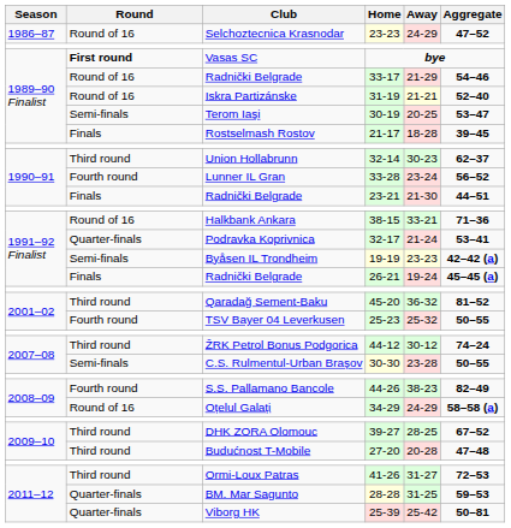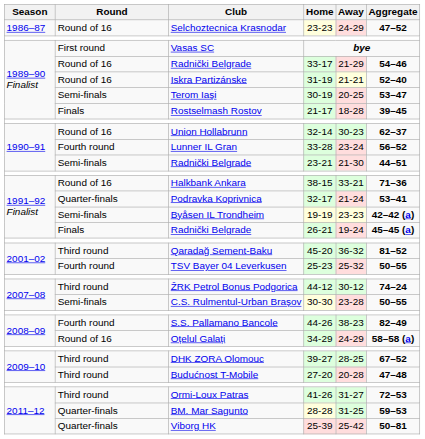 <table class="wikitable">
 <tr>
 <th width=75>Season</th>
 <th width=175>Round</th>
 <th>Club</th>
 <th>Home</th>
 <th>Away</th>
 <th>Aggregate</th>
 </tr>
 <tr>
 <td rowspan=1><a href='#'>1986–87</a></td>
 <td>Round of 16</td>
 <td> <a href='#'>Selchoztecnica Krasnodar</a></td>
 <td style="text-align:center; background:#ffd;">23-23</td>
 <td style="text-align:center; background:#fdd;">24-29</td>
 <td style="text-align:center;"><strong>47–52</strong></td>
 </tr>
 <tr>
 <td colspan=7 style="text-align: center;" bgcolor=white></td>
 </tr>
 <tr>
 <td rowspan=5><a href='#'>1989–90</a><br> <em>Finalist</em></td>
-<td><strong>First round</strong></td>
+<td>First round</td>
 <td> <a href='#'>Vasas SC</a></td>
 <td colspan=3; style="text-align:center;"><strong><em>bye</em></strong></td>
 </tr>
 <tr>
 <td>Round of 16</td>
 <td> <a href='#'>Radnički Belgrade</a></td>
 <td style="text-align:center; background:#dfd;">33-17</td>
 <td style="text-align:center; background:#fdd;">21-29</td>
 <td style="text-align:center;"><strong>54–46</strong></td>
 </tr>
 <tr>
 <td>Round of 16</td>
 <td> <a href='#'>Iskra Partizánske</a></td>
 <td style="text-align:center; background:#dfd;">31-19</td>
 <td style="text-align:center; background:#ffd;">21-21</td>
 <td style="text-align:center;"><strong>52–40</strong></td>
 </tr>
 <tr>
 <td>Semi-finals</td>
 <td> <a href='#'>Terom Iaşi</a></td>
 <td style="text-align:center; background:#dfd;">30-19</td>
 <td style="text-align:center; background:#fdd;">20-25</td>
 <td style="text-align:center;"><strong>53–47</strong></td>
 </tr>
 <tr>
 <td>Finals</td>
 <td> <a href='#'>Rostselmash Rostov</a></td>
 <td style="text-align:center; background:#dfd;">21-17</td>
 <td style="text-align:center; background:#fdd;">18-28</td>
 <td style="text-align:center;"><strong>39–45</strong></td>
 </tr>
 <tr>
 <td colspan=7 style="text-align: center;" bgcolor=white></td>
 </tr>
 <tr>
 <td rowspan=3><a href='#'>1990–91</a></td>
-<td>Third round</td>
+<td>Round of 16</td>
 <td> <a href='#'>Union Hollabrunn</a></td>
 <td style="text-align:center; background:#dfd;">32-14</td>
 <td style="text-align:center; background:#dfd;">30-23</td>
 <td style="text-align:center;"><strong>62–37</strong></td>
 </tr>
 <tr>
 <td>Fourth round</td>
 <td> <a href='#'>Lunner IL Gran</a></td>
 <td style="text-align:center; background:#dfd;">33-28</td>
 <td style="text-align:center; background:#fdd;">23-24</td>
 <td style="text-align:center;"><strong>56–52</strong></td>
 </tr>
 <tr>
-<td>Finals</td>
+<td>Semi-finals</td>
 <td> <a href='#'>Radnički Belgrade</a></td>
 <td style="text-align:center; background:#dfd;">23-21</td>
 <td style="text-align:center; background:#fdd;">21-30</td>
 <td style="text-align:center;"><strong>44–51</strong></td>
 </tr>
 <tr>
 <td colspan=7 style="text-align: center;" bgcolor=white></td>
 </tr>
 <tr>
 <td rowspan=4><a href='#'>1991–92</a><br> <em>Finalist</em></td>
 <td>Round of 16</td>
 <td> <a href='#'>Halkbank Ankara</a></td>
 <td style="text-align:center; background:#dfd;">38-15</td>
 <td style="text-align:center; background:#dfd;">33-21</td>
 <td style="text-align:center;"><strong>71–36</strong></td>
 </tr>
 <tr>
 <td>Quarter-finals</td>
 <td> <a href='#'>Podravka Koprivnica</a></td>
 <td style="text-align:center; background:#dfd;">32-17</td>
 <td style="text-align:center; background:#fdd;">21-24</td>
 <td style="text-align:center;"><strong>53–41</strong></td>
 </tr>
 <tr>
 <td>Semi-finals</td>
 <td> <a href='#'>Byåsen IL Trondheim</a></td>
 <td style="text-align:center; background:#ffd;">19-19</td>
 <td style="text-align:center; background:#ffd;">23-23</td>
 <td style="text-align:center;"><strong>42–42 (<a href='#'>a</a>)</strong></td>
 </tr>
 <tr>
 <td>Finals</td>
 <td> <a href='#'>Radnički Belgrade</a></td>
 <td style="text-align:center; background:#dfd;">26-21</td>
 <td style="text-align:center; background:#fdd;">19-24</td>
 <td style="text-align:center;"><strong>45–45 (<a href='#'>a</a>)</strong></td>
 </tr>
 <tr>
 <td colspan=7 style="text-align: center;" bgcolor=white></td>
 </tr>
 <tr>
 <td rowspan=2><a href='#'>2001–02</a></td>
 <td>Third round</td>
 <td> <a href='#'>Qaradağ Sement-Baku</a></td>
 <td style="text-align:center; background:#dfd;">45-20</td>
 <td style="text-align:center; background:#dfd;">36-32</td>
 <td style="text-align:center;"><strong>81–52</strong></td>
 </tr>
 <tr>
 <td>Fourth round</td>
 <td> <a href='#'>TSV Bayer 04 Leverkusen</a></td>
 <td style="text-align:center; background:#dfd;">25-23</td>
 <td style="text-align:center; background:#fdd;">25-32</td>
 <td style="text-align:center;"><strong>50–55</strong></td>
 </tr>
 <tr>
 <td colspan=7 style="text-align: center;" bgcolor=white></td>
 </tr>
 <tr>
 <td rowspan=2><a href='#'>2007–08</a></td>
 <td>Third round</td>
 <td> <a href='#'>ŽRK Petrol Bonus Podgorica</a></td>
 <td style="text-align:center; background:#dfd;">44-12</td>
 <td style="text-align:center; background:#dfd;">30-12</td>
 <td style="text-align:center;"><strong>74–24</strong></td>
 </tr>
 <tr>
 <td>Semi-finals</td>
 <td> <a href='#'>C.S. Rulmentul-Urban Braşov</a></td>
 <td style="text-align:center; background:#ffd;">30-30</td>
 <td style="text-align:center; background:#fdd;">23-28</td>
 <td style="text-align:center;"><strong>50–55</strong></td>
 </tr>
 <tr>
 <td colspan=7 style="text-align: center;" bgcolor=white></td>
 </tr>
 <tr>
 <td rowspan=2><a href='#'>2008–09</a></td>
 <td>Fourth round</td>
 <td> <a href='#'>S.S. Pallamano Bancole</a></td>
 <td style="text-align:center; background:#dfd;">44-26</td>
 <td style="text-align:center; background:#dfd;">38-23</td>
 <td style="text-align:center;"><strong>82–49</strong></td>
 </tr>
 <tr>
 <td>Round of 16</td>
 <td> <a href='#'>Oțelul Galați</a></td>
 <td style="text-align:center; background:#dfd;">34-29</td>
 <td style="text-align:center; background:#fdd;">24-29</td>
 <td style="text-align:center;"><strong>58–58 (<a href='#'>a</a>)</strong></td>
 </tr>
 <tr>
 <td colspan=7 style="text-align: center;" bgcolor=white></td>
 </tr>
 <tr>
 <td rowspan=2><a href='#'>2009–10</a></td>
 <td>Third round</td>
 <td> <a href='#'>DHK ZORA Olomouc</a></td>
 <td style="text-align:center; background:#dfd;">39-27</td>
 <td style="text-align:center; background:#dfd;">28-25</td>
 <td style="text-align:center;"><strong>67–52</strong></td>
 </tr>
 <tr>
 <td>Third round</td>
 <td> <a href='#'>Budućnost T-Mobile</a></td>
 <td style="text-align:center; background:#dfd;">27-20</td>
 <td style="text-align:center; background:#fdd;">20-28</td>
 <td style="text-align:center;"><strong>47–48</strong></td>
 </tr>
 <tr>
 <td colspan=7 style="text-align: center;" bgcolor=white></td>
 </tr>
 <tr>
 <td rowspan=3><a href='#'>2011–12</a></td>
 <td>Third round</td>
 <td> <a href='#'>Ormi-Loux Patras</a></td>
 <td style="text-align:center; background:#dfd;">41-26</td>
 <td style="text-align:center; background:#dfd;">31-27</td>
 <td style="text-align:center;"><strong>72–53</strong></td>
 </tr>
 <tr>
 <td>Quarter-finals</td>
 <td> <a href='#'>BM. Mar Sagunto</a></td>
 <td style="text-align:center; background:#ffd;">28-28</td>
 <td style="text-align:center; background:#dfd;">31-25</td>
 <td style="text-align:center;"><strong>59–53</strong></td>
 </tr>
 <tr>
 <td>Quarter-finals</td>
 <td> <a href='#'>Viborg HK</a></td>
 <td style="text-align:center; background:#fdd;">25-39</td>
 <td style="text-align:center; background:#fdd;">25-42</td>
 <td style="text-align:center;"><strong>50–81</strong></td>
 </tr>
 </table>
